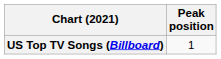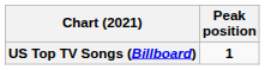 <table class="wikitable plainrowheaders" style="text-align:center">
 <tr>
 <th scope="col">Chart (2021)</th>
 <th scope="col">Peak<br>position</th>
 </tr>
 <tr>
 <th scope="row">US Top TV Songs (<em><a href='#'>Billboard</a></em>)</th>
-<td>1</td>
+<td><strong>1</strong></td>
 </tr>
 </table>
